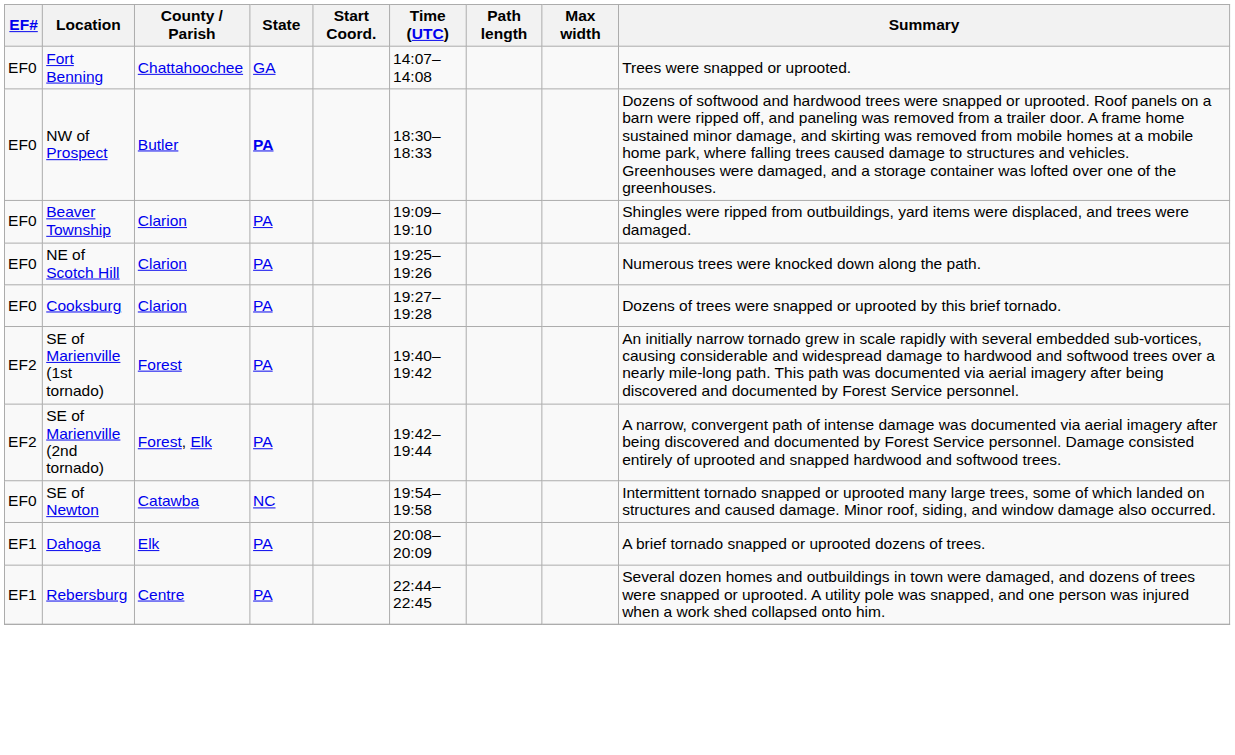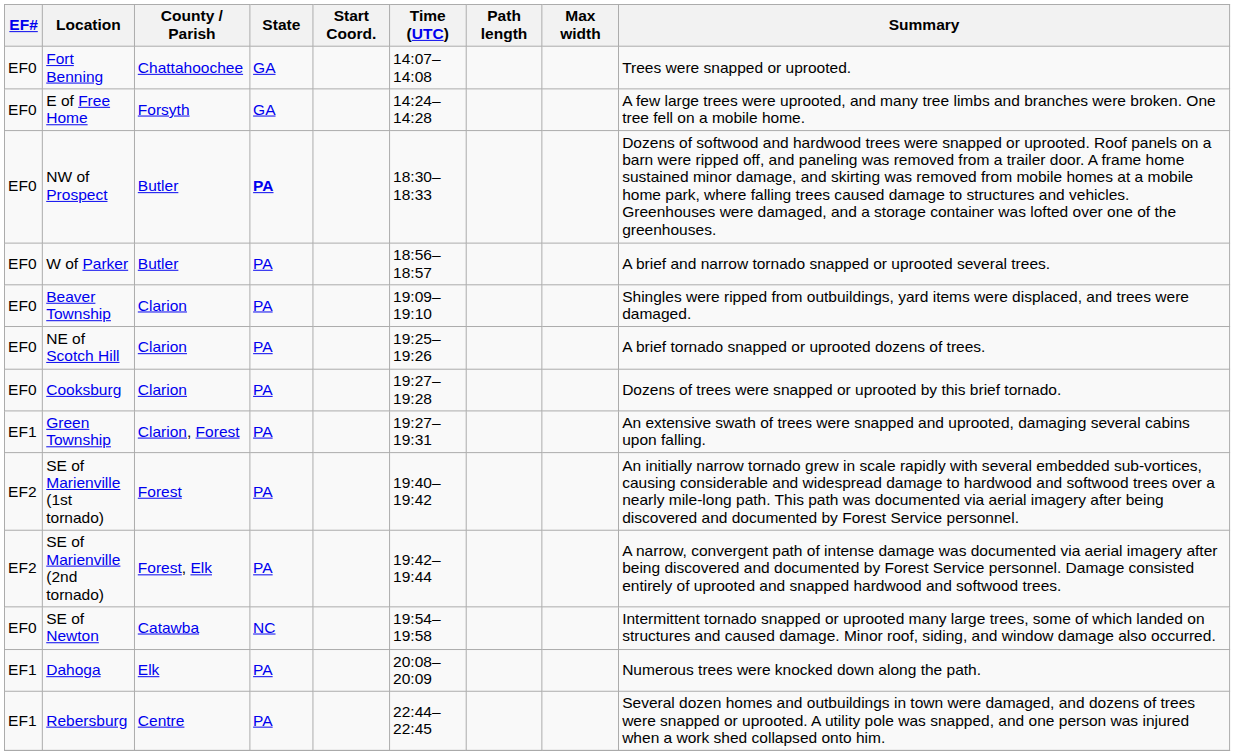 <table class="wikitable sortable" style="width:100%;">
 <tr>
 <th scope="col"  style="width:3%; text-align:center;"><a href='#'>EF#</a></th>
 <th scope="col"  style="width:7%; text-align:center;" class="unsortable">Location</th>
 <th scope="col"  style="width:6%; text-align:center;" class="unsortable">County / Parish</th>
 <th scope="col"  style="width:5%; text-align:center;">State</th>
 <th scope="col"  style="width:6%; text-align:center;">Start Coord.</th>
 <th scope="col"  style="width:6%; text-align:center;">Time (<a href='#'>UTC</a>)</th>
 <th scope="col"  style="width:6%; text-align:center;">Path length</th>
 <th scope="col"  style="width:6%; text-align:center;">Max width</th>
 <th scope="col" class="unsortable" style="width:48%; text-align:center;">Summary</th>
 </tr>
 <tr>
 <td>EF0</td>
 <td><a href='#'>Fort Benning</a></td>
 <td><a href='#'>Chattahoochee</a></td>
 <td><a href='#'>GA</a></td>
 <td></td>
 <td>14:07–14:08</td>
 <td></td>
 <td></td>
 <td>Trees were snapped or uprooted.</td>
 </tr>
 <tr>
 <td>EF0</td>
+<td>E of <a href='#'>Free Home</a></td>
+<td><a href='#'>Forsyth</a></td>
+<td><a href='#'>GA</a></td>
+<td></td>
+<td>14:24–14:28</td>
+<td></td>
+<td></td>
+<td>A few large trees were uprooted, and many tree limbs and branches were broken. One tree fell on a mobile home.</td>
+</tr>
+<tr>
+<td>EF0</td>
 <td>NW of <a href='#'>Prospect</a></td>
 <td><a href='#'>Butler</a></td>
 <td><strong><a href='#'>PA</a></strong></td>
 <td></td>
 <td>18:30–18:33</td>
 <td></td>
 <td></td>
 <td>Dozens of softwood and hardwood trees were snapped or uprooted. Roof panels on a barn were ripped off, and paneling was removed from a trailer door. A frame home sustained minor damage, and skirting was removed from mobile homes at a mobile home park, where falling trees caused damage to structures and vehicles. Greenhouses were damaged, and a storage container was lofted over one of the greenhouses.</td>
+</tr>
+<tr>
+<td>EF0</td>
+<td>W of <a href='#'>Parker</a></td>
+<td><a href='#'>Butler</a></td>
+<td><a href='#'>PA</a></td>
+<td></td>
+<td>18:56–18:57</td>
+<td></td>
+<td></td>
+<td>A brief and narrow tornado snapped or uprooted several trees.</td>
 </tr>
 <tr>
 <td>EF0</td>
 <td><a href='#'>Beaver Township</a></td>
 <td><a href='#'>Clarion</a></td>
 <td><a href='#'>PA</a></td>
 <td></td>
 <td>19:09–19:10</td>
 <td></td>
 <td></td>
 <td>Shingles were ripped from outbuildings, yard items were displaced, and trees were damaged.</td>
 </tr>
 <tr>
 <td>EF0</td>
 <td>NE of <a href='#'>Scotch Hill</a></td>
 <td><a href='#'>Clarion</a></td>
 <td><a href='#'>PA</a></td>
 <td></td>
 <td>19:25–19:26</td>
 <td></td>
 <td></td>
-<td>Numerous trees were knocked down along the path.</td>
+<td>A brief tornado snapped or uprooted dozens of trees.</td>
 </tr>
 <tr>
 <td>EF0</td>
 <td><a href='#'>Cooksburg</a></td>
 <td><a href='#'>Clarion</a></td>
 <td><a href='#'>PA</a></td>
 <td></td>
 <td>19:27–19:28</td>
 <td></td>
 <td></td>
 <td>Dozens of trees were snapped or uprooted by this brief tornado.</td>
+</tr>
+<tr>
+<td>EF1</td>
+<td><a href='#'>Green Township</a></td>
+<td><a href='#'>Clarion</a>, <a href='#'>Forest</a></td>
+<td><a href='#'>PA</a></td>
+<td></td>
+<td>19:27–19:31</td>
+<td></td>
+<td></td>
+<td>An extensive swath of trees were snapped and uprooted, damaging several cabins upon falling.</td>
 </tr>
 <tr>
 <td>EF2</td>
 <td>SE of <a href='#'>Marienville</a> (1st tornado)</td>
 <td><a href='#'>Forest</a></td>
 <td><a href='#'>PA</a></td>
 <td></td>
 <td>19:40–19:42</td>
 <td></td>
 <td></td>
 <td>An initially narrow tornado grew in scale rapidly with several embedded sub-vortices, causing considerable and widespread damage to hardwood and softwood trees over a nearly mile-long path. This path was documented via aerial imagery after being discovered and documented by Forest Service personnel.</td>
 </tr>
 <tr>
 <td>EF2</td>
 <td>SE of <a href='#'>Marienville</a> (2nd tornado)</td>
 <td><a href='#'>Forest</a>, <a href='#'>Elk</a></td>
 <td><a href='#'>PA</a></td>
 <td></td>
 <td>19:42–19:44</td>
 <td></td>
 <td></td>
 <td>A narrow, convergent path of intense damage was documented via aerial imagery after being discovered and documented by Forest Service personnel. Damage consisted entirely of uprooted and snapped hardwood and softwood trees.</td>
 </tr>
 <tr>
 <td>EF0</td>
 <td>SE of <a href='#'>Newton</a></td>
 <td><a href='#'>Catawba</a></td>
 <td><a href='#'>NC</a></td>
 <td></td>
 <td>19:54–19:58</td>
 <td></td>
 <td></td>
 <td>Intermittent tornado snapped or uprooted many large trees, some of which landed on structures and caused damage. Minor roof, siding, and window damage also occurred.</td>
 </tr>
 <tr>
 <td>EF1</td>
 <td><a href='#'>Dahoga</a></td>
 <td><a href='#'>Elk</a></td>
 <td><a href='#'>PA</a></td>
 <td></td>
 <td>20:08–20:09</td>
 <td></td>
 <td></td>
-<td>A brief tornado snapped or uprooted dozens of trees.</td>
+<td>Numerous trees were knocked down along the path.</td>
 </tr>
 <tr>
 <td>EF1</td>
 <td><a href='#'>Rebersburg</a></td>
 <td><a href='#'>Centre</a></td>
 <td><a href='#'>PA</a></td>
 <td></td>
 <td>22:44–22:45</td>
 <td></td>
 <td></td>
 <td>Several dozen homes and outbuildings in town were damaged, and dozens of trees were snapped or uprooted. A utility pole was snapped, and one person was injured when a work shed collapsed onto him.</td>
 </tr>
 <tr>
 </tr>
 </table>
